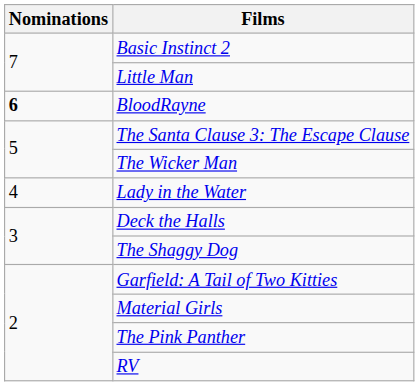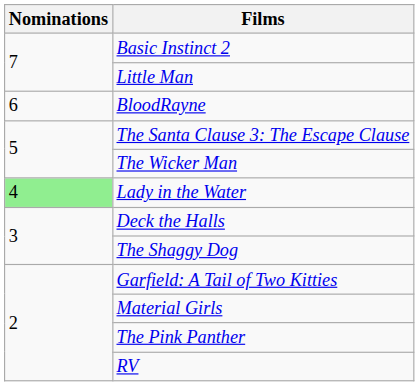 <table class="wikitable">
 <tr>
 <th>Nominations</th>
 <th>Films</th>
 </tr>
 <tr>
 <td rowspan="2">7</td>
 <td><em><a href='#'>Basic Instinct 2</a></em></td>
 </tr>
 <tr>
 <td><a href='#'><em>Little Man</em></a></td>
 </tr>
 <tr>
-<td><strong>6</strong></td>
+<td>6</td>
 <td><a href='#'><em>BloodRayne</em></a></td>
 </tr>
 <tr>
 <td rowspan="2">5</td>
 <td><em><a href='#'>The Santa Clause 3: The Escape Clause</a></em></td>
 </tr>
 <tr>
 <td><a href='#'><em>The Wicker Man</em></a></td>
 </tr>
 <tr>
-<td>4</td>
+<td style="background: lightgreen;">4</td>
 <td><em><a href='#'>Lady in the Water</a></em></td>
 </tr>
 <tr>
 <td rowspan="2">3</td>
 <td><a href='#'><em>Deck the Halls</em></a></td>
 </tr>
 <tr>
 <td><a href='#'><em>The Shaggy Dog</em></a></td>
 </tr>
 <tr>
 <td rowspan="4">2</td>
 <td><em><a href='#'>Garfield: A Tail of Two Kitties</a></em></td>
 </tr>
 <tr>
 <td><em><a href='#'>Material Girls</a></em></td>
 </tr>
 <tr>
 <td><a href='#'><em>The Pink Panther</em></a></td>
 </tr>
 <tr>
 <td><a href='#'><em>RV</em></a></td>
 </tr>
 </table>
